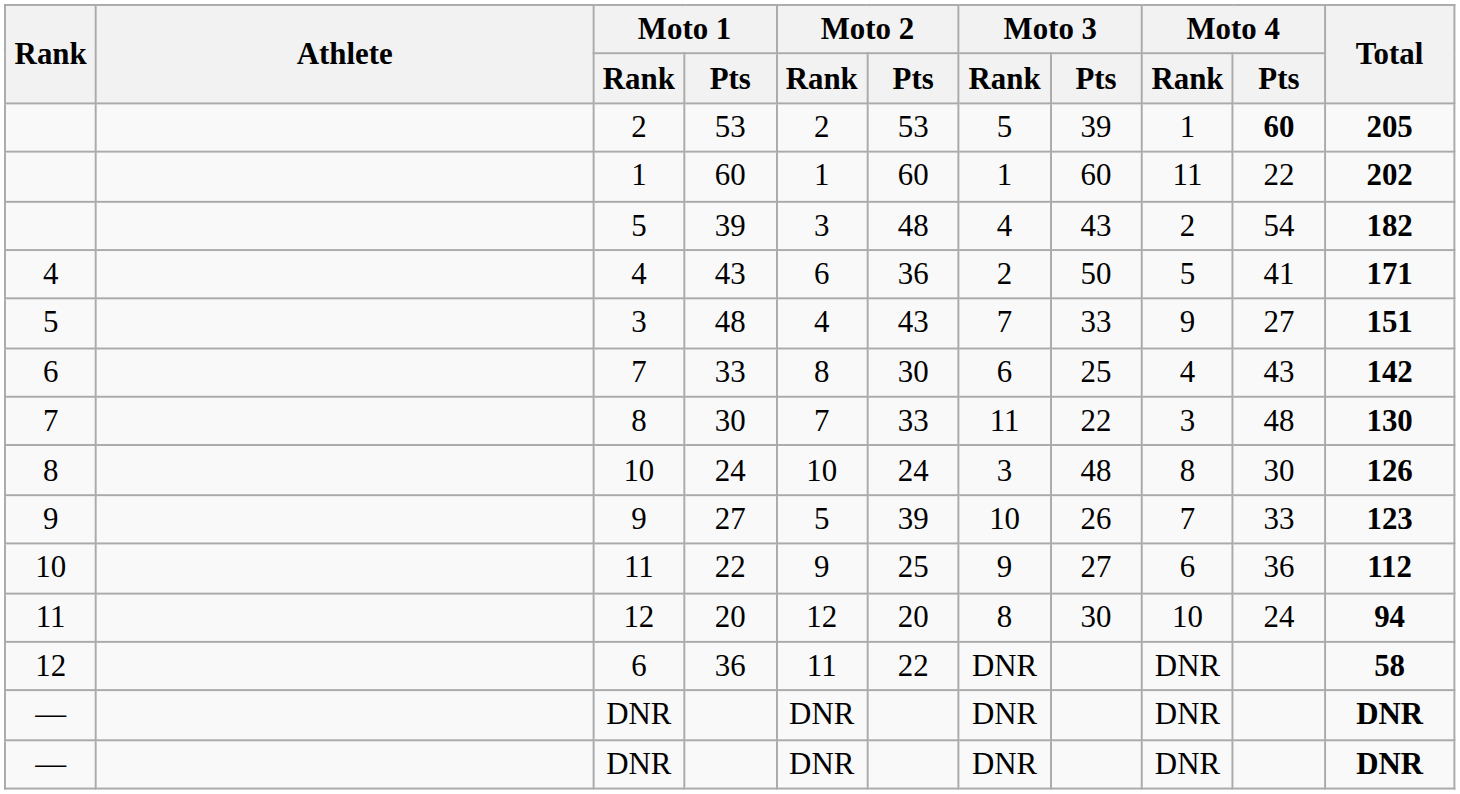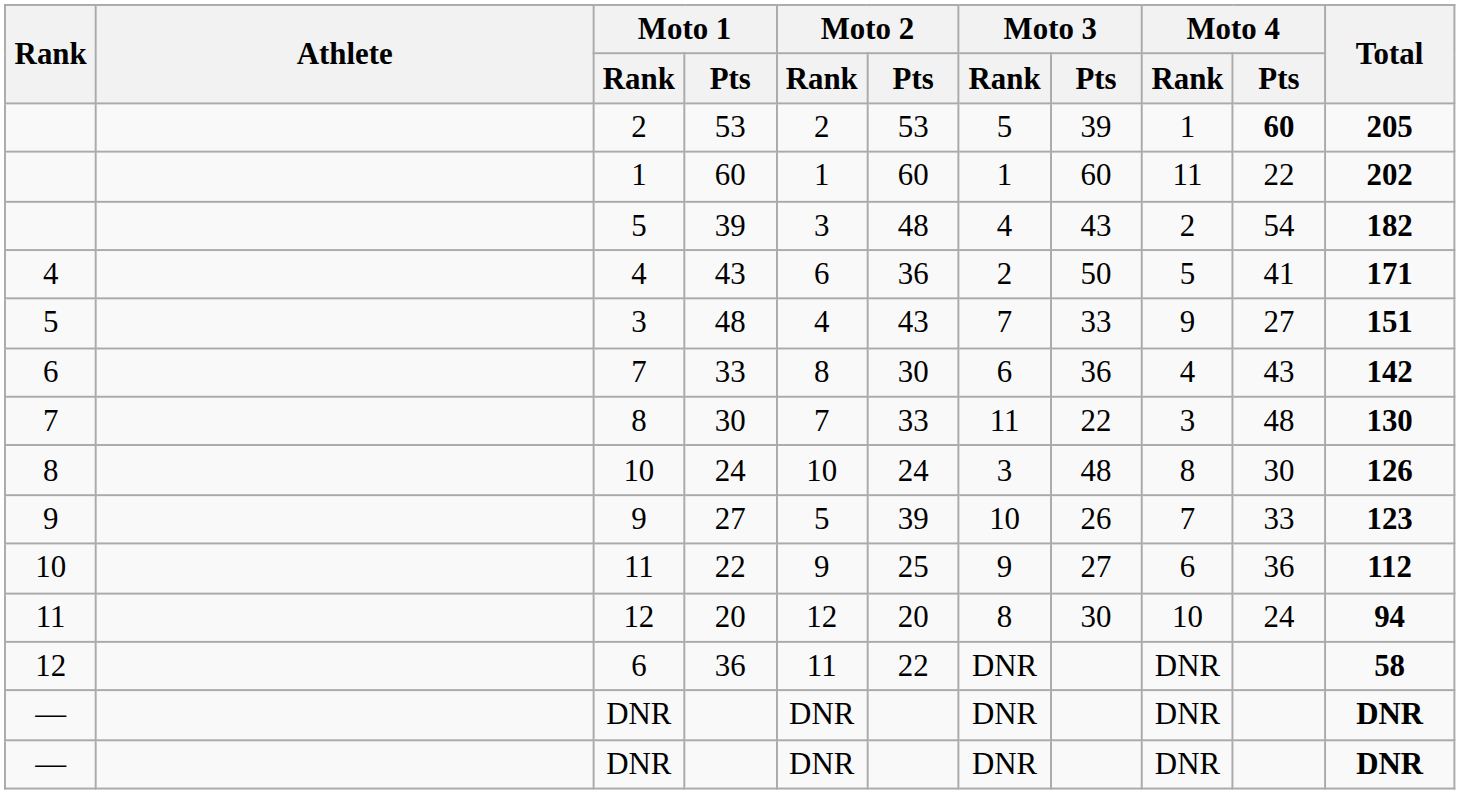 <table class=wikitable style="text-align:center">
 <tr>
 <th width=40 rowspan=2>Rank</th>
 <th width=250 rowspan=2>Athlete</th>
 <th colspan=2>Moto 1</th>
 <th colspan=2>Moto 2</th>
 <th colspan=2>Moto 3</th>
 <th colspan=2>Moto 4</th>
 <th width=60 rowspan=2>Total</th>
 </tr>
 <tr>
 <th width=40>Rank</th>
 <th width=40>Pts</th>
 <th width=40>Rank</th>
 <th width=40>Pts</th>
 <th width=40>Rank</th>
 <th width=40>Pts</th>
 <th width=40>Rank</th>
 <th width=40>Pts</th>
 </tr>
 <tr>
 <td></td>
 <td align=left></td>
 <td>2</td>
 <td>53</td>
 <td>2</td>
 <td>53</td>
 <td>5</td>
 <td>39</td>
 <td>1</td>
 <td><strong>60</strong></td>
 <td><strong>205</strong></td>
 </tr>
 <tr>
 <td></td>
 <td align=left></td>
 <td>1</td>
 <td>60</td>
 <td>1</td>
 <td>60</td>
 <td>1</td>
 <td>60</td>
 <td>11</td>
 <td>22</td>
 <td><strong>202</strong></td>
 </tr>
 <tr>
 <td></td>
 <td align=left></td>
 <td>5</td>
 <td>39</td>
 <td>3</td>
 <td>48</td>
 <td>4</td>
 <td>43</td>
 <td>2</td>
 <td>54</td>
 <td><strong>182</strong></td>
 </tr>
 <tr>
 <td>4</td>
 <td align=left></td>
 <td>4</td>
 <td>43</td>
 <td>6</td>
 <td>36</td>
 <td>2</td>
 <td>50</td>
 <td>5</td>
 <td>41</td>
 <td><strong>171</strong></td>
 </tr>
 <tr>
 <td>5</td>
 <td align=left></td>
 <td>3</td>
 <td>48</td>
 <td>4</td>
 <td>43</td>
 <td>7</td>
 <td>33</td>
 <td>9</td>
 <td>27</td>
 <td><strong>151</strong></td>
 </tr>
 <tr>
 <td>6</td>
 <td align=left></td>
 <td>7</td>
 <td>33</td>
 <td>8</td>
 <td>30</td>
 <td>6</td>
-<td>25</td>
+<td>36</td>
 <td>4</td>
 <td>43</td>
 <td><strong>142</strong></td>
 </tr>
 <tr>
 <td>7</td>
 <td align=left></td>
 <td>8</td>
 <td>30</td>
 <td>7</td>
 <td>33</td>
 <td>11</td>
 <td>22</td>
 <td>3</td>
 <td>48</td>
 <td><strong>130</strong></td>
 </tr>
 <tr>
 <td>8</td>
 <td align=left></td>
 <td>10</td>
 <td>24</td>
 <td>10</td>
 <td>24</td>
 <td>3</td>
 <td>48</td>
 <td>8</td>
 <td>30</td>
 <td><strong>126</strong></td>
 </tr>
 <tr>
 <td>9</td>
 <td align=left></td>
 <td>9</td>
 <td>27</td>
 <td>5</td>
 <td>39</td>
 <td>10</td>
 <td>26</td>
 <td>7</td>
 <td>33</td>
 <td><strong>123</strong></td>
 </tr>
 <tr>
 <td>10</td>
 <td align=left></td>
 <td>11</td>
 <td>22</td>
 <td>9</td>
 <td>25</td>
 <td>9</td>
 <td>27</td>
 <td>6</td>
 <td>36</td>
 <td><strong>112</strong></td>
 </tr>
 <tr>
 <td>11</td>
 <td align=left></td>
 <td>12</td>
 <td>20</td>
 <td>12</td>
 <td>20</td>
 <td>8</td>
 <td>30</td>
 <td>10</td>
 <td>24</td>
 <td><strong>94</strong></td>
 </tr>
 <tr>
 <td>12</td>
 <td align=left></td>
 <td>6</td>
 <td>36</td>
 <td>11</td>
 <td>22</td>
 <td>DNR</td>
 <td></td>
 <td>DNR</td>
 <td></td>
 <td><strong>58</strong></td>
 </tr>
 <tr>
 <td>—</td>
 <td align=left></td>
 <td>DNR</td>
 <td></td>
 <td>DNR</td>
 <td></td>
 <td>DNR</td>
 <td></td>
 <td>DNR</td>
 <td></td>
 <td><strong>DNR</strong></td>
 </tr>
 <tr>
 <td>—</td>
 <td align=left></td>
 <td>DNR</td>
 <td></td>
 <td>DNR</td>
 <td></td>
 <td>DNR</td>
 <td></td>
 <td>DNR</td>
 <td></td>
 <td><strong>DNR</strong></td>
 </tr>
 </table>
